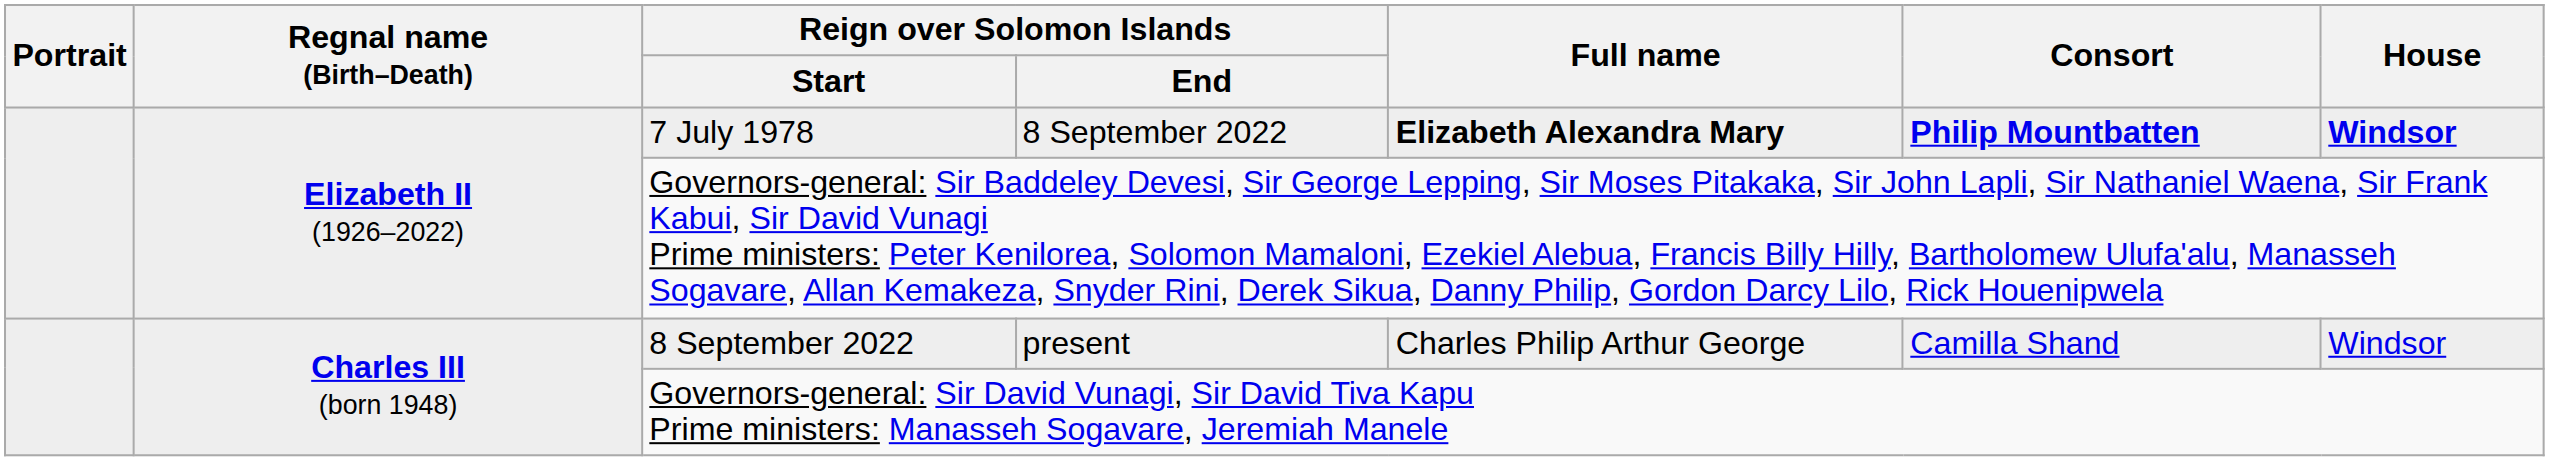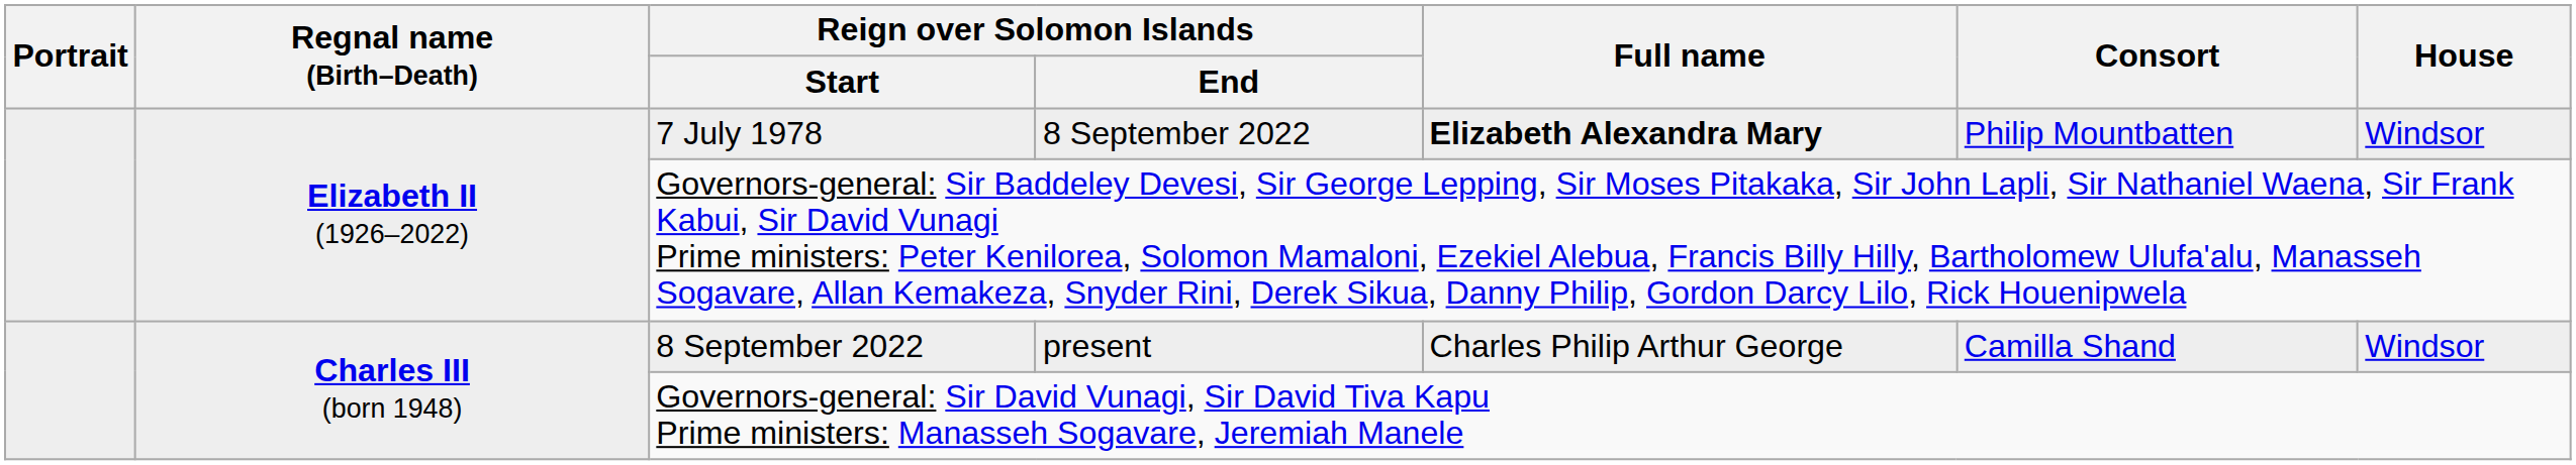 <table class="wikitable" style="width:100%;">
 <tr>
 <th rowspan="2">Portrait</th>
 <th rowspan="2" style="width:20%;">Regnal name<br><small>(Birth–Death)</small></th>
 <th colspan=2>Reign over Solomon Islands</th>
 <th rowspan="2">Full name</th>
 <th rowspan="2">Consort</th>
 <th rowspan="2">House</th>
 </tr>
 <tr>
 <th>Start</th>
 <th>End</th>
 </tr>
 <tr style="background:#eee;">
 <td rowspan="2" style="text-align:center;"></td>
 <td rowspan="2" style="text-align:center;"><strong><a href='#'>Elizabeth II</a></strong><br><small>(1926–2022)</small></td>
 <td>7 July 1978</td>
 <td>8 September 2022</td>
 <td><strong>Elizabeth Alexandra Mary</strong></td>
-<td><strong><a href='#'>Philip Mountbatten</a></strong></td>
-<td><strong><a href='#'>Windsor</a></strong></td>
+<td><a href='#'>Philip Mountbatten</a></td>
+<td><a href='#'>Windsor</a></td>
 </tr>
 <tr>
 <td colspan="5"><u>Governors-general:</u> <a href='#'>Sir Baddeley Devesi</a>, <a href='#'>Sir George Lepping</a>, <a href='#'>Sir Moses Pitakaka</a>, <a href='#'>Sir John Lapli</a>, <a href='#'>Sir Nathaniel Waena</a>, <a href='#'>Sir Frank Kabui</a>, <a href='#'>Sir David Vunagi</a><br><u>Prime ministers:</u> <a href='#'>Peter Kenilorea</a>, <a href='#'>Solomon Mamaloni</a>, <a href='#'>Ezekiel Alebua</a>, <a href='#'>Francis Billy Hilly</a>, <a href='#'>Bartholomew Ulufa'alu</a>, <a href='#'>Manasseh Sogavare</a>, <a href='#'>Allan Kemakeza</a>, <a href='#'>Snyder Rini</a>, <a href='#'>Derek Sikua</a>, <a href='#'>Danny Philip</a>, <a href='#'>Gordon Darcy Lilo</a>, <a href='#'>Rick Houenipwela</a></td>
 </tr>
 <tr style="background:#eee;">
 <td rowspan="2" style="text-align:center;"></td>
 <td rowspan="2" style="text-align:center;"><strong><a href='#'>Charles III</a></strong><br><small>(born 1948)</small></td>
 <td>8 September 2022</td>
 <td>present</td>
 <td>Charles Philip Arthur George</td>
 <td><a href='#'>Camilla Shand</a></td>
 <td><a href='#'>Windsor</a></td>
 </tr>
 <tr>
 <td colspan="5"><u>Governors-general:</u> <a href='#'>Sir David Vunagi</a>, <a href='#'>Sir David Tiva Kapu</a><br><u>Prime ministers:</u> <a href='#'>Manasseh Sogavare</a>, <a href='#'>Jeremiah Manele</a></td>
 </tr>
 </table>
